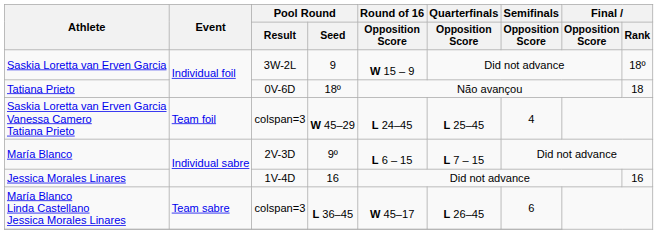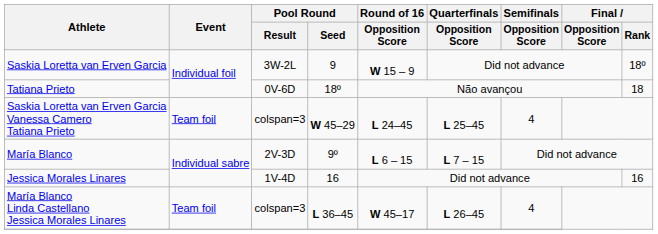 <table class=wikitable style="font-size:90%">
 <tr>
 <th rowspan="2">Athlete</th>
 <th rowspan="2">Event</th>
 <th colspan=2>Pool Round</th>
 <th>Round of 16</th>
 <th>Quarterfinals</th>
 <th>Semifinals</th>
 <th colspan=2>Final / </th>
 </tr>
 <tr style="font-size:95%">
 <th>Result</th>
 <th>Seed</th>
 <th>Opposition<br>Score</th>
 <th>Opposition<br>Score</th>
 <th>Opposition<br>Score</th>
 <th>Opposition<br>Score</th>
 <th>Rank</th>
 </tr>
 <tr align=center>
 <td align=left><a href='#'>Saskia Loretta van Erven Garcia</a></td>
 <td align=left rowspan=2><a href='#'>Individual foil</a></td>
 <td>3W-2L</td>
 <td>9</td>
 <td><br><strong>W</strong> 15 – 9</td>
 <td colspan=3>Did not advance</td>
 <td>18º</td>
 </tr>
 <tr align=center>
 <td align=left><a href='#'>Tatiana Prieto</a></td>
 <td>0V-6D</td>
 <td>18º</td>
 <td colspan=4>Não avançou</td>
 <td>18</td>
 </tr>
 <tr align=center>
 <td align=left><a href='#'>Saskia Loretta van Erven Garcia</a><br><a href='#'>Vanessa Camero</a><br><a href='#'>Tatiana Prieto</a></td>
 <td align=left><a href='#'>Team foil</a></td>
 <td>colspan=3 </td>
 <td><br><strong>W</strong> 45–29</td>
 <td><br><strong>L</strong> 24–45</td>
 <td><br><strong>L</strong> 25–45</td>
 <td>4</td>
 </tr>
 <tr align=center>
 <td align=left><a href='#'>María Blanco</a></td>
 <td align=left rowspan=2><a href='#'>Individual sabre</a></td>
 <td>2V-3D</td>
 <td>9º</td>
 <td><br><strong>L</strong> 6 – 15</td>
 <td><br><strong>L</strong> 7 – 15</td>
 <td align=center colspan=3>Did not advance</td>
 </tr>
 <tr align=center>
 <td align=left><a href='#'>Jessica Morales Linares</a></td>
 <td>1V-4D</td>
 <td>16</td>
 <td align=center colspan=4>Did not advance</td>
 <td>16</td>
 </tr>
 <tr align=center>
 <td align=left><a href='#'>María Blanco</a><br><a href='#'>Linda Castellano</a><br><a href='#'>Jessica Morales Linares</a></td>
-<td align=left><a href='#'>Team sabre</a></td>
+<td align=left><a href='#'>Team foil</a></td>
 <td>colspan=3 </td>
 <td><br><strong>L</strong> 36–45</td>
 <td><br><strong>W</strong> 45–17</td>
 <td><br><strong>L</strong> 26–45</td>
-<td>6</td>
+<td>4</td>
 </tr>
 <tr align=center>
 </tr>
 </table>
